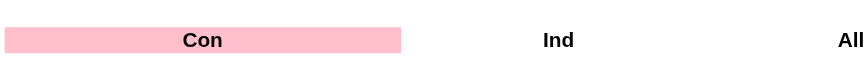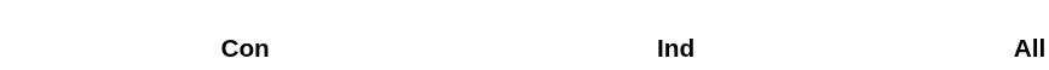 <table style="width:60%; text-align:center;">
 <tr style="color:white;">
 <td style="background:"><strong>35</strong></td>
 <td style="background:"><strong>5</strong></td>
 <td style="background:"><strong>2</strong></td>
 </tr>
 <tr>
-<td style="background: pink;"><span><strong>Con</strong></span></td>
+<td><span><strong>Con</strong></span></td>
 <td><span><strong>Ind</strong></span></td>
 <td><span><strong>All</strong></span></td>
 </tr>
 </table>
